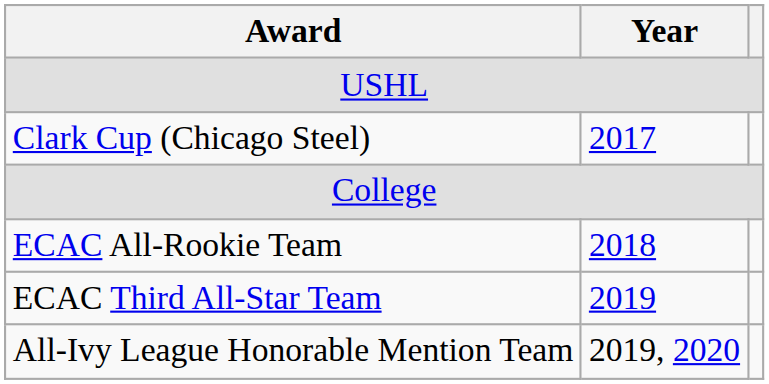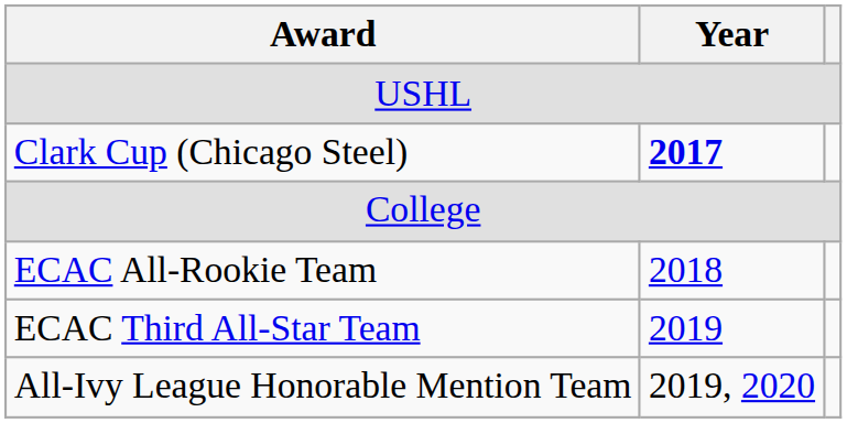 <table class="wikitable">
 <tr>
 <th>Award</th>
 <th>Year</th>
 <th></th>
 </tr>
 <tr ALIGN="center" bgcolor="#e0e0e0">
 <td colspan="3"><a href='#'>USHL</a></td>
 </tr>
 <tr>
 <td><a href='#'>Clark Cup</a> (Chicago Steel)</td>
-<td><a href='#'>2017</a></td>
+<td><strong><a href='#'>2017</a></strong></td>
 <td></td>
 </tr>
 <tr ALIGN="center" bgcolor="#e0e0e0">
 <td colspan="3"><a href='#'>College</a></td>
 </tr>
 <tr>
 <td><a href='#'>ECAC</a> All-Rookie Team</td>
 <td><a href='#'>2018</a></td>
 <td></td>
 </tr>
 <tr>
 <td>ECAC <a href='#'>Third All-Star Team</a></td>
 <td><a href='#'>2019</a></td>
 <td></td>
 </tr>
 <tr>
 <td>All-Ivy League Honorable Mention Team</td>
 <td>2019, <a href='#'>2020</a></td>
 <td></td>
 </tr>
 </table>
